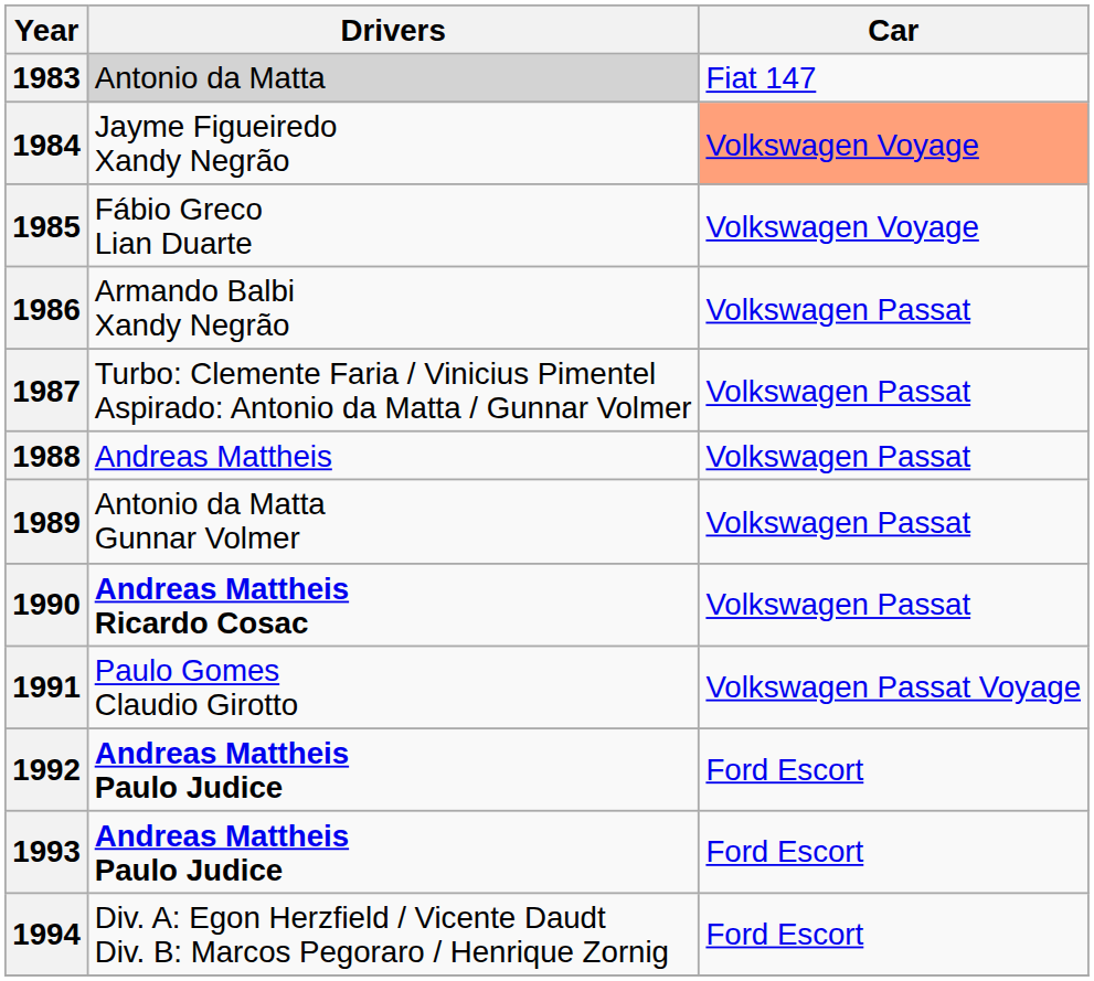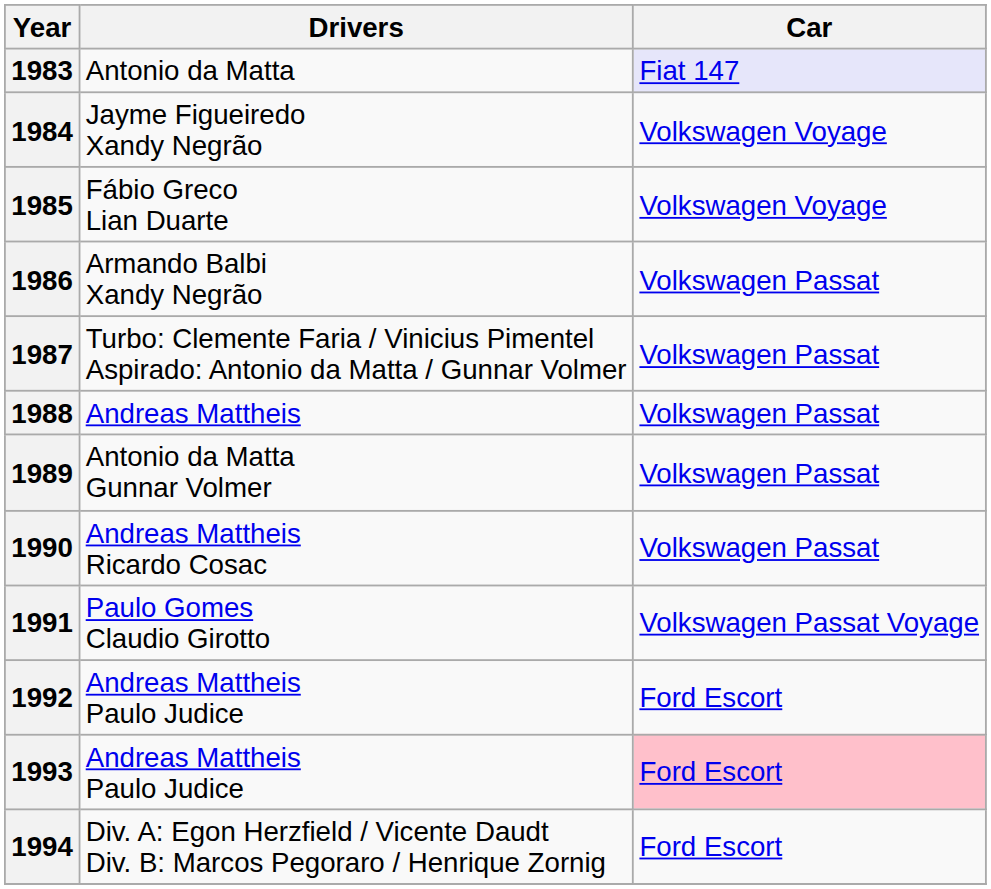 <table class="wikitable" style="font-size: 95%;">
 <tr>
 <th>Year</th>
 <th>Drivers</th>
 <th>Car</th>
 </tr>
 <tr>
 <th>1983</th>
-<td style="background: lightgrey;"> Antonio da Matta</td>
-<td><a href='#'>Fiat 147</a></td>
+<td> Antonio da Matta</td>
+<td style="background: lavender;"><a href='#'>Fiat 147</a></td>
 </tr>
 <tr>
 <th>1984</th>
 <td> Jayme Figueiredo<br> Xandy Negrão</td>
-<td style="background: lightsalmon;"><a href='#'>Volkswagen Voyage</a></td>
+<td><a href='#'>Volkswagen Voyage</a></td>
 </tr>
 <tr>
 <th>1985</th>
 <td> Fábio Greco<br> Lian Duarte</td>
 <td><a href='#'>Volkswagen Voyage</a></td>
 </tr>
 <tr>
 <th>1986</th>
 <td> Armando Balbi<br> Xandy Negrão</td>
 <td><a href='#'>Volkswagen Passat</a></td>
 </tr>
 <tr>
 <th>1987</th>
 <td>Turbo:  Clemente Faria /  Vinicius Pimentel <br> Aspirado:  Antonio da Matta /  Gunnar Volmer</td>
 <td><a href='#'>Volkswagen Passat</a></td>
 </tr>
 <tr>
 <th>1988</th>
 <td> <a href='#'>Andreas Mattheis</a></td>
 <td><a href='#'>Volkswagen Passat</a></td>
 </tr>
 <tr>
 <th>1989</th>
 <td> Antonio da Matta<br> Gunnar Volmer</td>
 <td><a href='#'>Volkswagen Passat</a></td>
 </tr>
 <tr>
 <th>1990</th>
-<td><strong> <a href='#'>Andreas Mattheis</a><br> Ricardo Cosac</strong></td>
+<td> <a href='#'>Andreas Mattheis</a><br> Ricardo Cosac</td>
 <td><a href='#'>Volkswagen Passat</a></td>
 </tr>
 <tr>
 <th>1991</th>
 <td> <a href='#'>Paulo Gomes</a><br> Claudio Girotto</td>
 <td><a href='#'>Volkswagen Passat Voyage</a></td>
 </tr>
 <tr>
 <th>1992</th>
-<td><strong> <a href='#'>Andreas Mattheis</a><br> Paulo Judice</strong></td>
+<td> <a href='#'>Andreas Mattheis</a><br> Paulo Judice</td>
 <td><a href='#'>Ford Escort</a></td>
 </tr>
 <tr>
 <th>1993</th>
-<td><strong> <a href='#'>Andreas Mattheis</a><br> Paulo Judice</strong></td>
-<td><a href='#'>Ford Escort</a></td>
+<td> <a href='#'>Andreas Mattheis</a><br> Paulo Judice</td>
+<td style="background: pink;"><a href='#'>Ford Escort</a></td>
 </tr>
 <tr>
 <th>1994</th>
 <td>Div. A:  Egon Herzfield /  Vicente Daudt <br> Div. B:  Marcos Pegoraro /  Henrique Zornig</td>
 <td><a href='#'>Ford Escort</a></td>
 </tr>
 <tr>
 </tr>
 </table>
